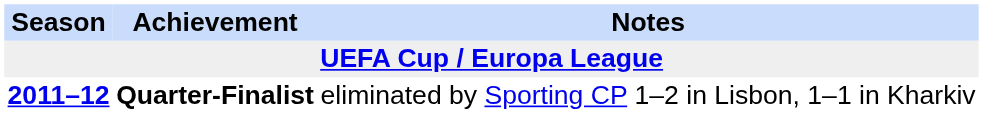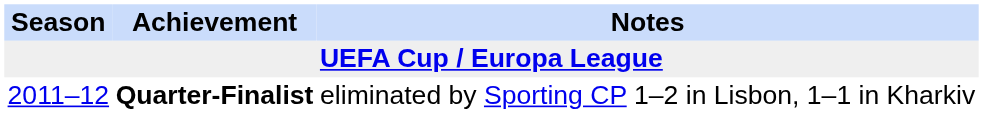 <table class="toccolours" border="0" cellpadding="2" cellspacing="0" align="left" style="margin:0.5em;">
 <tr bgcolor="#CADCFB">
 <th>Season</th>
 <th>Achievement</th>
 <th>Notes</th>
 </tr>
 <tr>
 <th colspan="4" bgcolor="#EFEFEF"><a href='#'>UEFA Cup / Europa League</a></th>
 </tr>
 <tr>
-<td align="center"><strong><a href='#'>2011–12</a></strong></td>
+<td align="center"><a href='#'>2011–12</a></td>
 <td align="center"><strong>Quarter-Finalist</strong></td>
 <td align="left">eliminated by  <a href='#'>Sporting CP</a> 1–2 in Lisbon, 1–1 in Kharkiv</td>
 </tr>
 <tr>
 </tr>
 </table>
